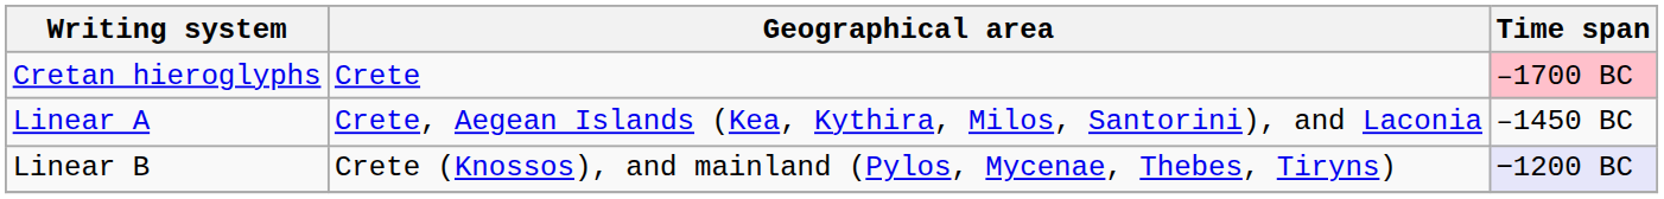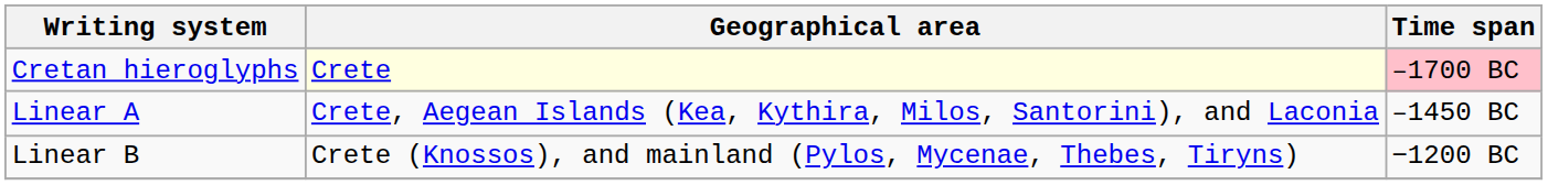 <table class="wikitable">
 <tr>
 <th>Writing system</th>
 <th>Geographical area</th>
 <th>Time span</th>
 </tr>
 <tr>
 <td><a href='#'>Cretan hieroglyphs</a></td>
-<td><a href='#'>Crete</a></td>
+<td style="background: lightyellow;"><a href='#'>Crete</a></td>
 <td style="background: pink;">–1700 BC</td>
 </tr>
 <tr>
 <td><a href='#'>Linear A</a></td>
 <td><a href='#'>Crete</a>, <a href='#'>Aegean Islands</a> (<a href='#'>Kea</a>, <a href='#'>Kythira</a>, <a href='#'>Milos</a>, <a href='#'>Santorini</a>), and <a href='#'>Laconia</a></td>
 <td>–1450 BC</td>
 </tr>
 <tr>
 <td>Linear B</td>
 <td>Crete (<a href='#'>Knossos</a>), and mainland (<a href='#'>Pylos</a>, <a href='#'>Mycenae</a>, <a href='#'>Thebes</a>, <a href='#'>Tiryns</a>)</td>
-<td style="background: lavender;">−1200 BC</td>
+<td>−1200 BC</td>
 </tr>
 <tr>
 </tr>
 </table>
